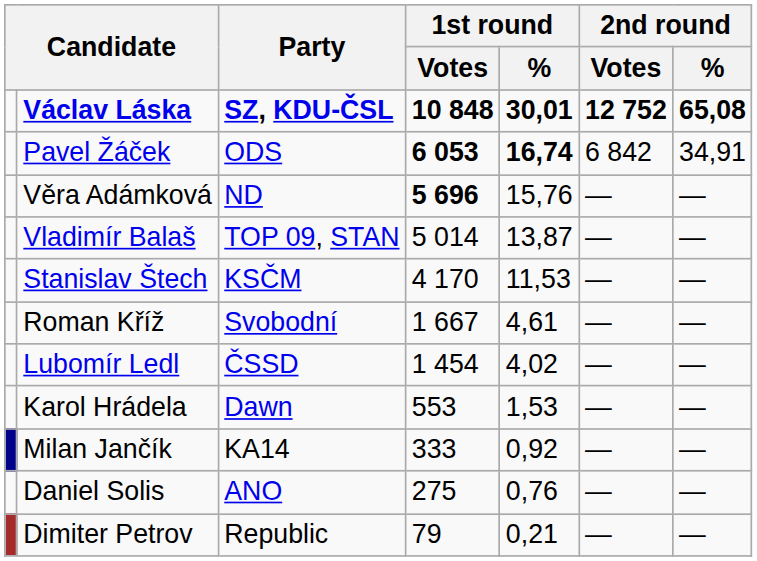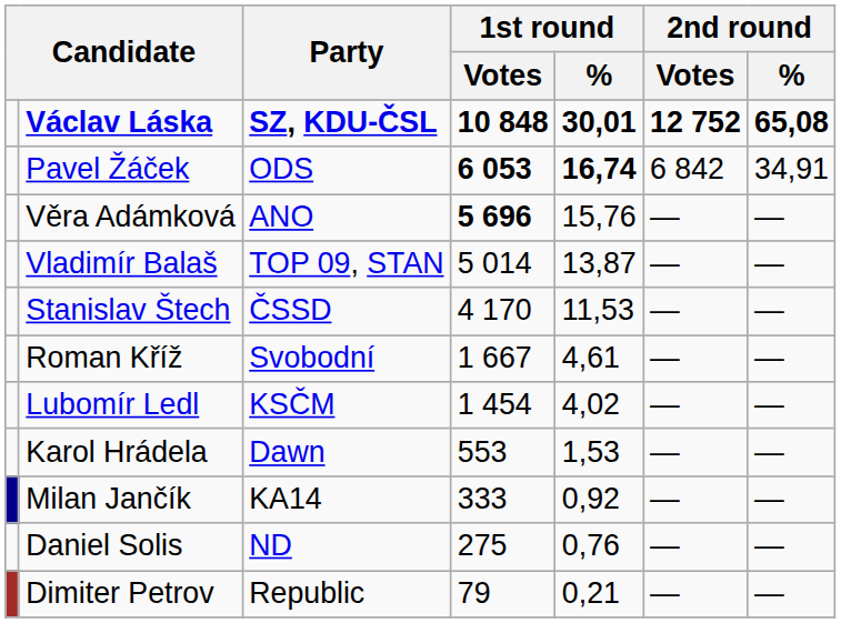 <table class="wikitable sortable">
 <tr>
 <th colspan="2" rowspan="2">Candidate</th>
 <th rowspan="2">Party</th>
 <th colspan="2">1st round</th>
 <th colspan="2">2nd round</th>
 </tr>
 <tr>
 <th>Votes</th>
 <th>%</th>
 <th>Votes</th>
 <th>%</th>
 </tr>
 <tr>
 <td style="background-color:"></td>
 <td><strong><a href='#'>Václav Láska</a></strong></td>
 <td><strong><a href='#'>SZ</a>, <a href='#'>KDU-ČSL</a></strong></td>
 <td><strong>10 848</strong></td>
 <td><strong>30,01</strong></td>
 <td><strong>12 752</strong></td>
 <td><strong>65,08</strong></td>
 </tr>
 <tr>
 <td style="background-color:"></td>
 <td><a href='#'>Pavel Žáček</a></td>
 <td><a href='#'>ODS</a></td>
 <td><strong>6 053</strong></td>
 <td><strong>16,74</strong></td>
 <td>6 842</td>
 <td>34,91</td>
 </tr>
 <tr>
 <td style="background-color:"></td>
 <td>Věra Adámková</td>
-<td><a href='#'>ND</a></td>
+<td><a href='#'>ANO</a></td>
 <td><strong>5 696</strong></td>
 <td>15,76</td>
 <td>—</td>
 <td>—</td>
 </tr>
 <tr>
 <td style="background-color:"></td>
 <td><a href='#'>Vladimír Balaš</a></td>
 <td><a href='#'>TOP 09</a>, <a href='#'>STAN</a></td>
 <td>5 014</td>
 <td>13,87</td>
 <td>—</td>
 <td>—</td>
 </tr>
 <tr>
 <td style="background-color:"></td>
 <td><a href='#'>Stanislav Štech</a></td>
-<td><a href='#'>KSČM</a></td>
+<td><a href='#'>ČSSD</a></td>
 <td>4 170</td>
 <td>11,53</td>
 <td>—</td>
 <td>—</td>
 </tr>
 <tr>
 <td style="background-color:"></td>
 <td>Roman Kříž</td>
 <td><a href='#'>Svobodní</a></td>
 <td>1 667</td>
 <td>4,61</td>
 <td>—</td>
 <td>—</td>
 </tr>
 <tr>
 <td style="background-color:"></td>
 <td><a href='#'>Lubomír Ledl</a></td>
-<td><a href='#'>ČSSD</a></td>
+<td><a href='#'>KSČM</a></td>
 <td>1 454</td>
 <td>4,02</td>
 <td>—</td>
 <td>—</td>
 </tr>
 <tr>
 <td style="background-color:"></td>
 <td>Karol Hrádela</td>
 <td><a href='#'>Dawn</a></td>
 <td>553</td>
 <td>1,53</td>
 <td>—</td>
 <td>—</td>
 </tr>
 <tr>
 <td style="background-color:darkblue;"></td>
 <td>Milan Jančík</td>
 <td>KA14</td>
 <td>333</td>
 <td>0,92</td>
 <td>—</td>
 <td>—</td>
 </tr>
 <tr>
 <td style="background-color:"></td>
 <td>Daniel Solis</td>
-<td><a href='#'>ANO</a></td>
+<td><a href='#'>ND</a></td>
 <td>275</td>
 <td>0,76</td>
 <td>—</td>
 <td>—</td>
 </tr>
 <tr>
 <td style="background-color:brown;"></td>
 <td>Dimiter Petrov</td>
 <td>Republic</td>
 <td>79</td>
 <td>0,21</td>
 <td>—</td>
 <td>—</td>
 </tr>
 </table>
